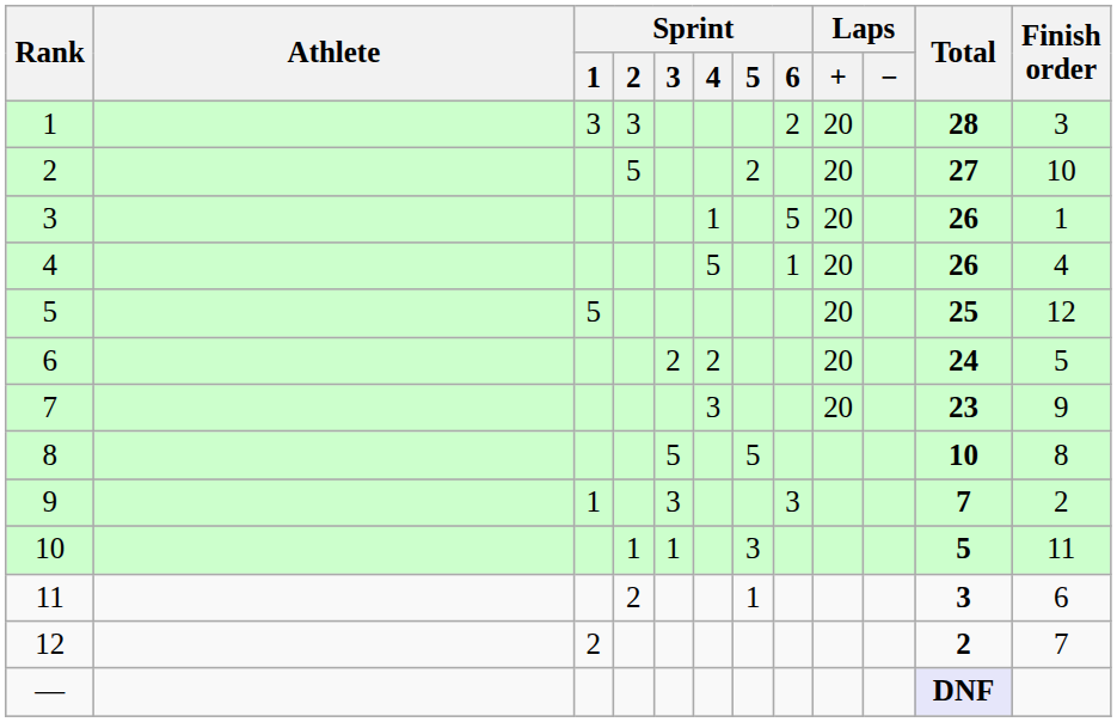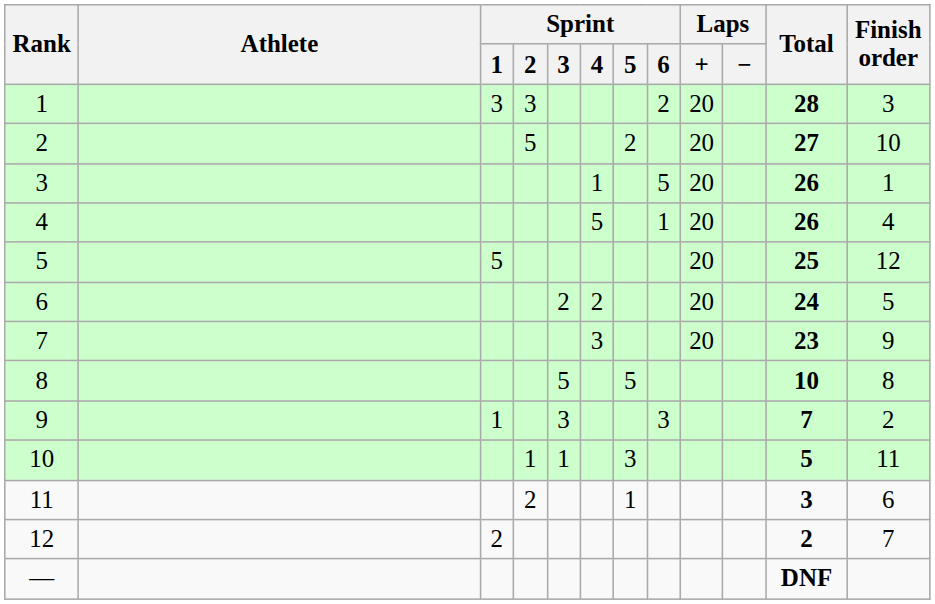 <table class="wikitable" style="text-align:center">
 <tr>
 <th rowspan=2 width=40>Rank</th>
 <th rowspan=2 width=250>Athlete</th>
 <th colspan=6>Sprint</th>
 <th colspan=2>Laps</th>
 <th rowspan=2 width=45>Total</th>
 <th rowspan=2 width=45>Finish order</th>
 </tr>
 <tr>
 <th width=14>1</th>
 <th width=14>2</th>
 <th width=14>3</th>
 <th width=14>4</th>
 <th width=14>5</th>
 <th width=14>6</th>
 <th width=20>+</th>
 <th width=20>−</th>
 </tr>
 <tr bgcolor="ccffcc">
 <td>1</td>
 <td align=left></td>
 <td>3</td>
 <td>3</td>
 <td></td>
 <td></td>
 <td></td>
 <td>2</td>
 <td>20</td>
 <td></td>
 <td><strong>28</strong></td>
 <td>3</td>
 </tr>
 <tr bgcolor="ccffcc">
 <td>2</td>
 <td align=left></td>
 <td></td>
 <td>5</td>
 <td></td>
 <td></td>
 <td>2</td>
 <td></td>
 <td>20</td>
 <td></td>
 <td><strong>27</strong></td>
 <td>10</td>
 </tr>
 <tr bgcolor="ccffcc">
 <td>3</td>
 <td align=left></td>
 <td></td>
 <td></td>
 <td></td>
 <td>1</td>
 <td></td>
 <td>5</td>
 <td>20</td>
 <td></td>
 <td><strong>26</strong></td>
 <td>1</td>
 </tr>
 <tr bgcolor="ccffcc">
 <td>4</td>
 <td align=left></td>
 <td></td>
 <td></td>
 <td></td>
 <td>5</td>
 <td></td>
 <td>1</td>
 <td>20</td>
 <td></td>
 <td><strong>26</strong></td>
 <td>4</td>
 </tr>
 <tr bgcolor="ccffcc">
 <td>5</td>
 <td align=left></td>
 <td>5</td>
 <td></td>
 <td></td>
 <td></td>
 <td></td>
 <td></td>
 <td>20</td>
 <td></td>
 <td><strong>25</strong></td>
 <td>12</td>
 </tr>
 <tr bgcolor="ccffcc">
 <td>6</td>
 <td align=left></td>
 <td></td>
 <td></td>
 <td>2</td>
 <td>2</td>
 <td></td>
 <td></td>
 <td>20</td>
 <td></td>
 <td><strong>24</strong></td>
 <td>5</td>
 </tr>
 <tr bgcolor="ccffcc">
 <td>7</td>
 <td align=left></td>
 <td></td>
 <td></td>
 <td></td>
 <td>3</td>
 <td></td>
 <td></td>
 <td>20</td>
 <td></td>
 <td><strong>23</strong></td>
 <td>9</td>
 </tr>
 <tr bgcolor="ccffcc">
 <td>8</td>
 <td align=left></td>
 <td></td>
 <td></td>
 <td>5</td>
 <td></td>
 <td>5</td>
 <td></td>
 <td></td>
 <td></td>
 <td><strong>10</strong></td>
 <td>8</td>
 </tr>
 <tr bgcolor="ccffcc">
 <td>9</td>
 <td align=left></td>
 <td>1</td>
 <td></td>
 <td>3</td>
 <td></td>
 <td></td>
 <td>3</td>
 <td></td>
 <td></td>
 <td><strong>7</strong></td>
 <td>2</td>
 </tr>
 <tr bgcolor="ccffcc">
 <td>10</td>
 <td align=left></td>
 <td></td>
 <td>1</td>
 <td>1</td>
 <td></td>
 <td>3</td>
 <td></td>
 <td></td>
 <td></td>
 <td><strong>5</strong></td>
 <td>11</td>
 </tr>
 <tr>
 <td>11</td>
 <td align=left></td>
 <td></td>
 <td>2</td>
 <td></td>
 <td></td>
 <td>1</td>
 <td></td>
 <td></td>
 <td></td>
 <td><strong>3</strong></td>
 <td>6</td>
 </tr>
 <tr>
 <td>12</td>
 <td align=left></td>
 <td>2</td>
 <td></td>
 <td></td>
 <td></td>
 <td></td>
 <td></td>
 <td></td>
 <td></td>
 <td><strong>2</strong></td>
 <td>7</td>
 </tr>
 <tr>
 <td>—</td>
 <td align=left></td>
 <td></td>
 <td></td>
 <td></td>
 <td></td>
 <td></td>
 <td></td>
 <td></td>
 <td></td>
-<td style="background: lavender;"><strong>DNF</strong></td>
+<td><strong>DNF</strong></td>
 <td></td>
 </tr>
 </table>
